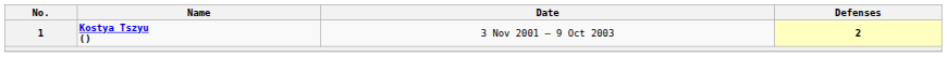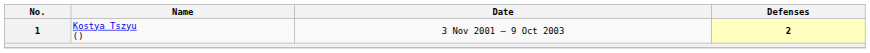 <table class="wikitable sortable" style="width:80%">
 <tr>
 <th>No.</th>
 <th>Name</th>
 <th>Date</th>
 <th>Defenses</th>
 </tr>
 <tr align=center>
 <th>1</th>
-<td align=left><strong><a href='#'>Kostya Tszyu</a><br>()</strong></td>
+<td align=left><a href='#'>Kostya Tszyu</a><br>()</td>
 <td>3 Nov 2001 – 9 Oct 2003</td>
 <td style="background:#ffffbf;"><strong>2</strong></td>
 </tr>
 <tr align=center>
 <th colspan=4></th>
 </tr>
 <tr align=center>
 </tr>
 </table>
